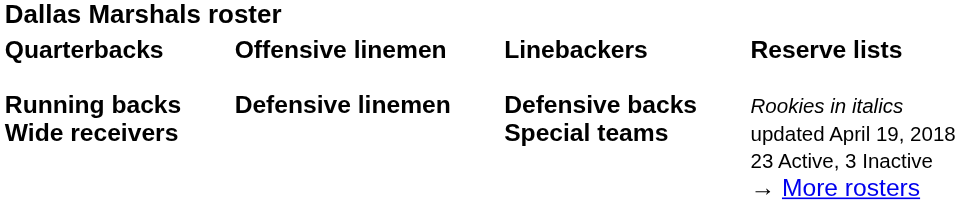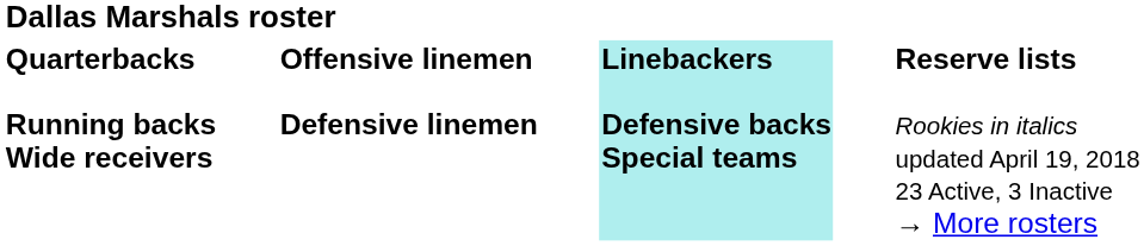 <table class="toccolours" style="text-align: left;">
 <tr>
 <th colspan="7">Dallas Marshals roster</th>
 </tr>
 <tr>
 <td style="font-size: 95%;vertical-align:top;"><strong>Quarterbacks</strong><br><br><strong>Running backs</strong>   <br><strong>Wide receivers</strong>    </td>
 <td style="width: 25px;"></td>
 <td style="font-size: 95%;vertical-align:top;"><strong>Offensive linemen</strong><br>    <br><strong>Defensive linemen</strong>   </td>
 <td style="width: 25px;"></td>
-<td style="font-size: 95%;vertical-align:top;"><strong>Linebackers</strong><br><br><strong>Defensive backs</strong>      <br><strong>Special teams</strong> </td>
+<td style="background: paleturquoise; font-size: 95%;vertical-align:top;"><strong>Linebackers</strong><br><br><strong>Defensive backs</strong>      <br><strong>Special teams</strong> </td>
 <td style="width: 25px;"></td>
 <td style="font-size: 95%;vertical-align:top;"><strong>Reserve lists</strong><br>  <br><small><em>Rookies in italics</em></small><br> <small> updated April 19, 2018</small><br> <small>23 Active, 3 Inactive</small><br>→ <a href='#'>More rosters</a></td>
 </tr>
 </table>
